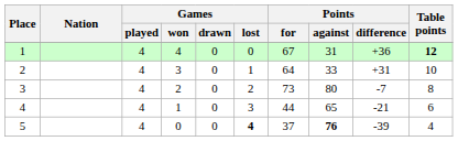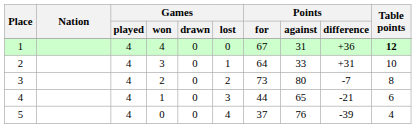 <table class="wikitable">
 <tr>
 <th rowspan=2 width="8%">Place</th>
 <th rowspan=2 width="20%">Nation</th>
 <th colspan=4 width="32%">Games</th>
 <th colspan=3 width="30%">Points</th>
 <th rowspan=2 width="10%">Table<br>points</th>
 </tr>
 <tr>
 <th width="8%">played</th>
 <th width="8%">won</th>
 <th width="8%">drawn</th>
 <th width="8%">lost</th>
 <th width="10%">for</th>
 <th width="10%">against</th>
 <th width="10%">difference</th>
 </tr>
 <tr>
 </tr>
 <tr bgcolor=#ccffcc align=center>
 <td>1</td>
 <td align=left><strong></strong></td>
 <td>4</td>
 <td>4</td>
 <td>0</td>
 <td>0</td>
 <td>67</td>
 <td>31</td>
 <td>+36</td>
 <td><strong>12</strong></td>
 </tr>
 <tr bgcolor=#ffffff align=center>
 <td>2</td>
 <td align=left></td>
 <td>4</td>
 <td>3</td>
 <td>0</td>
 <td>1</td>
 <td>64</td>
 <td>33</td>
 <td>+31</td>
 <td>10</td>
 </tr>
 <tr bgcolor=#ffffff align=center>
 <td>3</td>
 <td align=left></td>
 <td>4</td>
 <td>2</td>
 <td>0</td>
 <td>2</td>
 <td>73</td>
 <td>80</td>
 <td>-7</td>
 <td>8</td>
 </tr>
 <tr bgcolor=#ffffff align=center>
 <td>4</td>
 <td align=left></td>
 <td>4</td>
 <td>1</td>
 <td>0</td>
 <td>3</td>
 <td>44</td>
 <td>65</td>
 <td>-21</td>
 <td>6</td>
 </tr>
 <tr bgcolor=#ffffff align=center>
 <td>5</td>
 <td align=left></td>
 <td>4</td>
 <td>0</td>
 <td>0</td>
-<td><strong>4</strong></td>
+<td>4</td>
 <td>37</td>
-<td><strong>76</strong></td>
+<td>76</td>
 <td>-39</td>
 <td>4</td>
 </tr>
 </table>
